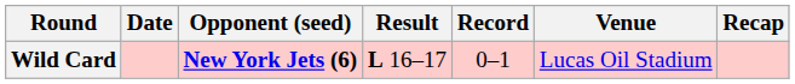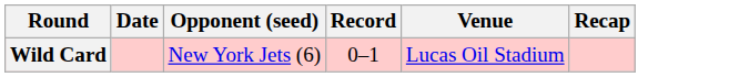 <table class="wikitable" style="text-align:center">
 <tr>
 <th>Round</th>
 <th>Date</th>
 <th>Opponent (seed)</th>
-<th>Result</th>
 <th>Record</th>
 <th>Venue</th>
 <th>Recap</th>
 </tr>
 <tr style="background:#fcc">
 <th>Wild Card</th>
 <td></td>
-<td><strong><a href='#'>New York Jets</a> (6)</strong></td>
-<td><strong>L</strong> 16–17</td>
+<td><a href='#'>New York Jets</a> (6)</td>
 <td>0–1</td>
 <td><a href='#'>Lucas Oil Stadium</a></td>
 <td></td>
 </tr>
 </table>
